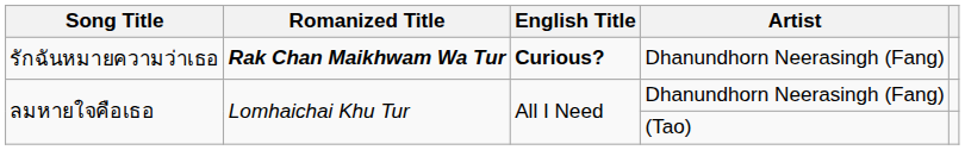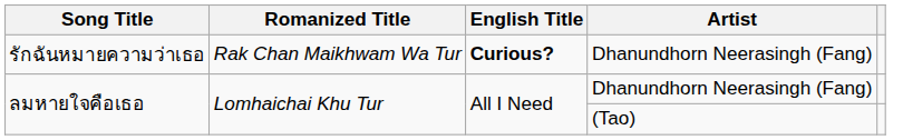 <table class="wikitable">
 <tr>
 <th>Song Title</th>
 <th>Romanized Title</th>
 <th>English Title</th>
 <th>Artist</th>
 <th></th>
 </tr>
 <tr>
 <td>รักฉันหมายความว่าเธอ</td>
-<td><strong><em>Rak Chan Maikhwam Wa Tur</em></strong></td>
+<td><em>Rak Chan Maikhwam Wa Tur</em></td>
 <td><strong>Curious?</strong></td>
 <td>Dhanundhorn Neerasingh (Fang)</td>
 <td style="text-align: center;"></td>
 </tr>
 <tr>
 <td rowspan="2">ลมหายใจคือเธอ</td>
 <td rowspan="2"><em>Lomhaichai Khu Tur</em></td>
 <td rowspan="2">All I Need</td>
 <td>Dhanundhorn Neerasingh (Fang)</td>
 <td style="text-align: center;"></td>
 </tr>
 <tr>
 <td> (Tao)</td>
 <td style="text-align: center;"></td>
 </tr>
 </table>
